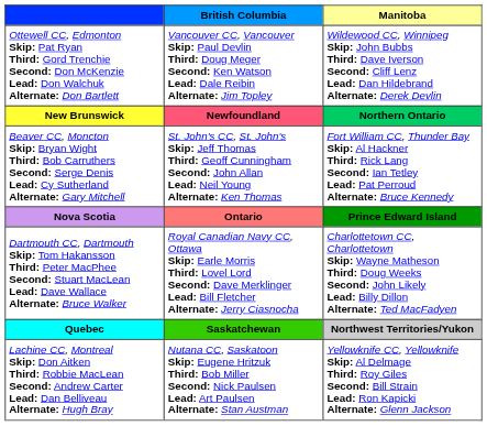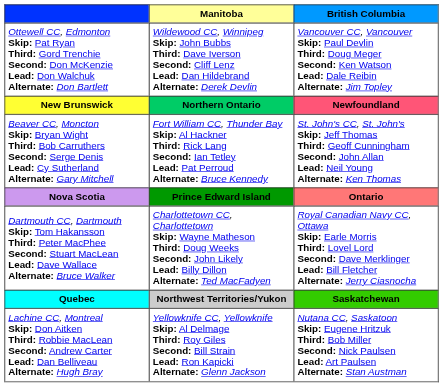 <table border=1 cellpadding=5 cellspacing=0>
 <tr>
 <th style="background:#03f; width:225px;"></th>
+<th style="background:#ff9; width:225px;">Manitoba</th>
 <th style="background:#09f; width:225px;">British Columbia</th>
-<th style="background:#ff9; width:225px;">Manitoba</th>
 </tr>
 <tr>
 <td><em><a href='#'>Ottewell CC</a>, <a href='#'>Edmonton</a></em><br><strong>Skip:</strong> <a href='#'>Pat Ryan</a><br> <strong>Third:</strong> <a href='#'>Gord Trenchie</a><br> <strong>Second:</strong> <a href='#'>Don McKenzie</a><br> <strong>Lead:</strong> <a href='#'>Don Walchuk</a><br> <strong>Alternate:</strong> <em><a href='#'>Don Bartlett</a></em></td>
+<td><em><a href='#'>Wildewood CC</a>, <a href='#'>Winnipeg</a></em><br><strong>Skip:</strong> <a href='#'>John Bubbs</a><br> <strong>Third:</strong> <a href='#'>Dave Iverson</a><br> <strong>Second:</strong> <a href='#'>Cliff Lenz</a><br> <strong>Lead:</strong> <a href='#'>Dan Hildebrand</a><br> <strong>Alternate:</strong> <em><a href='#'>Derek Devlin</a></em></td>
 <td><em><a href='#'>Vancouver CC</a>, <a href='#'>Vancouver</a></em><br><strong>Skip:</strong> <a href='#'>Paul Devlin</a><br> <strong>Third:</strong> <a href='#'>Doug Meger</a><br> <strong>Second:</strong> <a href='#'>Ken Watson</a><br> <strong>Lead:</strong> <a href='#'>Dale Reibin</a><br> <strong>Alternate:</strong> <em><a href='#'>Jim Topley</a></em></td>
-<td><em><a href='#'>Wildewood CC</a>, <a href='#'>Winnipeg</a></em><br><strong>Skip:</strong> <a href='#'>John Bubbs</a><br> <strong>Third:</strong> <a href='#'>Dave Iverson</a><br> <strong>Second:</strong> <a href='#'>Cliff Lenz</a><br> <strong>Lead:</strong> <a href='#'>Dan Hildebrand</a><br> <strong>Alternate:</strong> <em><a href='#'>Derek Devlin</a></em></td>
 </tr>
 <tr>
 <th style="background:#ff3; width:200px;">New Brunswick</th>
+<th style="background:#0c6; width:200px;">Northern Ontario</th>
 <th style="background:#f57; width:200px;">Newfoundland</th>
-<th style="background:#0c6; width:200px;">Northern Ontario</th>
 </tr>
 <tr>
 <td><em><a href='#'>Beaver CC</a>, <a href='#'>Moncton</a></em><br><strong>Skip:</strong> <a href='#'>Bryan Wight</a><br> <strong>Third:</strong> <a href='#'>Bob Carruthers</a><br> <strong>Second:</strong> <a href='#'>Serge Denis</a><br> <strong>Lead:</strong> <a href='#'>Cy Sutherland</a><br> <strong>Alternate:</strong> <em><a href='#'>Gary Mitchell</a></em></td>
+<td><em><a href='#'>Fort William CC</a>, <a href='#'>Thunder Bay</a></em><br><strong>Skip:</strong> <a href='#'>Al Hackner</a><br> <strong>Third:</strong> <a href='#'>Rick Lang</a><br> <strong>Second:</strong> <a href='#'>Ian Tetley</a><br> <strong>Lead:</strong> <a href='#'>Pat Perroud</a><br> <strong>Alternate:</strong> <em><a href='#'>Bruce Kennedy</a></em></td>
 <td><em><a href='#'>St. John's CC</a>, <a href='#'>St. John's</a></em><br><strong>Skip:</strong> <a href='#'>Jeff Thomas</a><br> <strong>Third:</strong> <a href='#'>Geoff Cunningham</a><br> <strong>Second:</strong> <a href='#'>John Allan</a><br> <strong>Lead:</strong> <a href='#'>Neil Young</a><br> <strong>Alternate:</strong> <em><a href='#'>Ken Thomas</a></em></td>
-<td><em><a href='#'>Fort William CC</a>, <a href='#'>Thunder Bay</a></em><br><strong>Skip:</strong> <a href='#'>Al Hackner</a><br> <strong>Third:</strong> <a href='#'>Rick Lang</a><br> <strong>Second:</strong> <a href='#'>Ian Tetley</a><br> <strong>Lead:</strong> <a href='#'>Pat Perroud</a><br> <strong>Alternate:</strong> <em><a href='#'>Bruce Kennedy</a></em></td>
 </tr>
 <tr>
 <th style="background:#c9e; width:200px;">Nova Scotia</th>
+<th style="background:#090; width:200px;">Prince Edward Island</th>
 <th style="background:#f77; width:200px;">Ontario</th>
-<th style="background:#090; width:200px;">Prince Edward Island</th>
 </tr>
 <tr>
 <td><em><a href='#'>Dartmouth CC</a>, <a href='#'>Dartmouth</a></em><br><strong>Skip:</strong> <a href='#'>Tom Hakansson</a><br> <strong>Third:</strong> <a href='#'>Peter MacPhee</a><br> <strong>Second:</strong> <a href='#'>Stuart MacLean</a><br> <strong>Lead:</strong> <a href='#'>Dave Wallace</a><br> <strong>Alternate:</strong> <em><a href='#'>Bruce Walker</a></em></td>
+<td><em><a href='#'>Charlottetown CC</a>, <a href='#'>Charlottetown</a></em><br><strong>Skip:</strong> <a href='#'>Wayne Matheson</a><br> <strong>Third:</strong> <a href='#'>Doug Weeks</a><br> <strong>Second:</strong> <a href='#'>John Likely</a><br> <strong>Lead:</strong> <a href='#'>Billy Dillon</a><br> <strong>Alternate:</strong> <em><a href='#'>Ted MacFadyen</a></em></td>
 <td><em><a href='#'>Royal Canadian Navy CC</a>, <a href='#'>Ottawa</a></em><br><strong>Skip:</strong> <a href='#'>Earle Morris</a><br> <strong>Third:</strong> <a href='#'>Lovel Lord</a><br> <strong>Second:</strong> <a href='#'>Dave Merklinger</a><br> <strong>Lead:</strong> <a href='#'>Bill Fletcher</a><br> <strong>Alternate:</strong> <em><a href='#'>Jerry Ciasnocha</a></em></td>
-<td><em><a href='#'>Charlottetown CC</a>, <a href='#'>Charlottetown</a></em><br><strong>Skip:</strong> <a href='#'>Wayne Matheson</a><br> <strong>Third:</strong> <a href='#'>Doug Weeks</a><br> <strong>Second:</strong> <a href='#'>John Likely</a><br> <strong>Lead:</strong> <a href='#'>Billy Dillon</a><br> <strong>Alternate:</strong> <em><a href='#'>Ted MacFadyen</a></em></td>
 </tr>
 <tr>
 <th style="background:#0ff; width:200px;">Quebec</th>
+<th style="background:#ccc; width:200px;">Northwest Territories/Yukon</th>
 <th style="background:#3c0; width:200px;">Saskatchewan</th>
-<th style="background:#ccc; width:200px;">Northwest Territories/Yukon</th>
 </tr>
 <tr>
 <td><em><a href='#'>Lachine CC</a>, <a href='#'>Montreal</a></em><br><strong>Skip:</strong> <a href='#'>Don Aitken</a><br> <strong>Third:</strong> <a href='#'>Robbie MacLean</a><br> <strong>Second:</strong> <a href='#'>Andrew Carter</a><br> <strong>Lead:</strong> <a href='#'>Dan Belliveau</a><br> <strong>Alternate:</strong> <em><a href='#'>Hugh Bray</a></em></td>
+<td><em><a href='#'>Yellowknife CC</a>, <a href='#'>Yellowknife</a></em><br><strong>Skip:</strong> <a href='#'>Al Delmage</a><br> <strong>Third:</strong> <a href='#'>Roy Giles</a><br> <strong>Second:</strong> <a href='#'>Bill Strain</a><br> <strong>Lead:</strong> <a href='#'>Ron Kapicki</a><br> <strong>Alternate:</strong> <em><a href='#'>Glenn Jackson</a></em></td>
 <td><em><a href='#'>Nutana CC</a>, <a href='#'>Saskatoon</a></em><br><strong>Skip:</strong> <a href='#'>Eugene Hritzuk</a><br> <strong>Third:</strong> <a href='#'>Bob Miller</a><br> <strong>Second:</strong> <a href='#'>Nick Paulsen</a><br> <strong>Lead:</strong> <a href='#'>Art Paulsen</a><br> <strong>Alternate:</strong> <em><a href='#'>Stan Austman</a></em></td>
-<td><em><a href='#'>Yellowknife CC</a>, <a href='#'>Yellowknife</a></em><br><strong>Skip:</strong> <a href='#'>Al Delmage</a><br> <strong>Third:</strong> <a href='#'>Roy Giles</a><br> <strong>Second:</strong> <a href='#'>Bill Strain</a><br> <strong>Lead:</strong> <a href='#'>Ron Kapicki</a><br> <strong>Alternate:</strong> <em><a href='#'>Glenn Jackson</a></em></td>
 </tr>
 </table>
